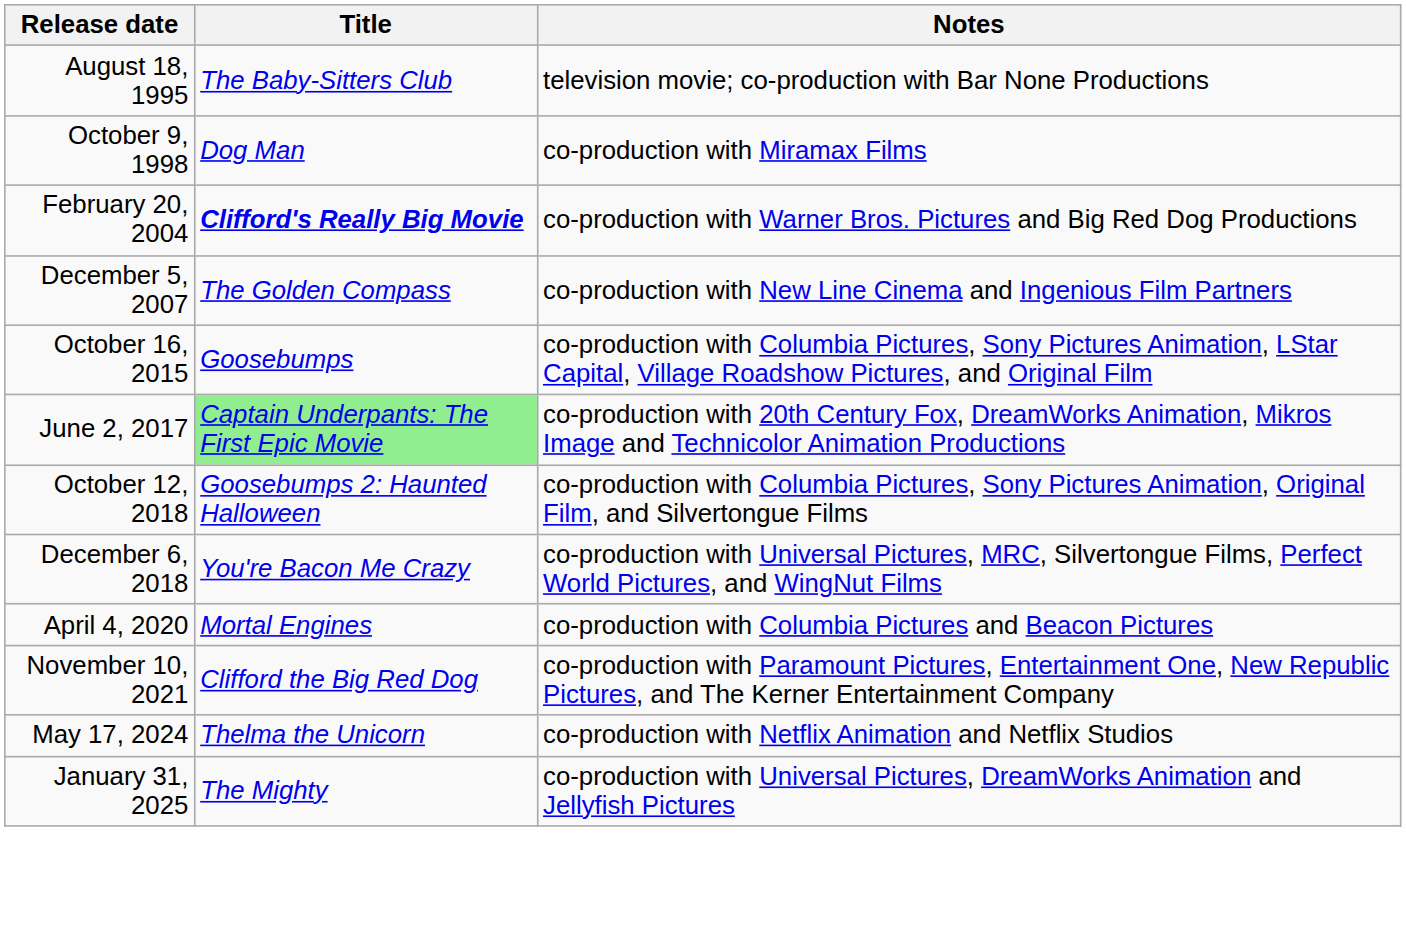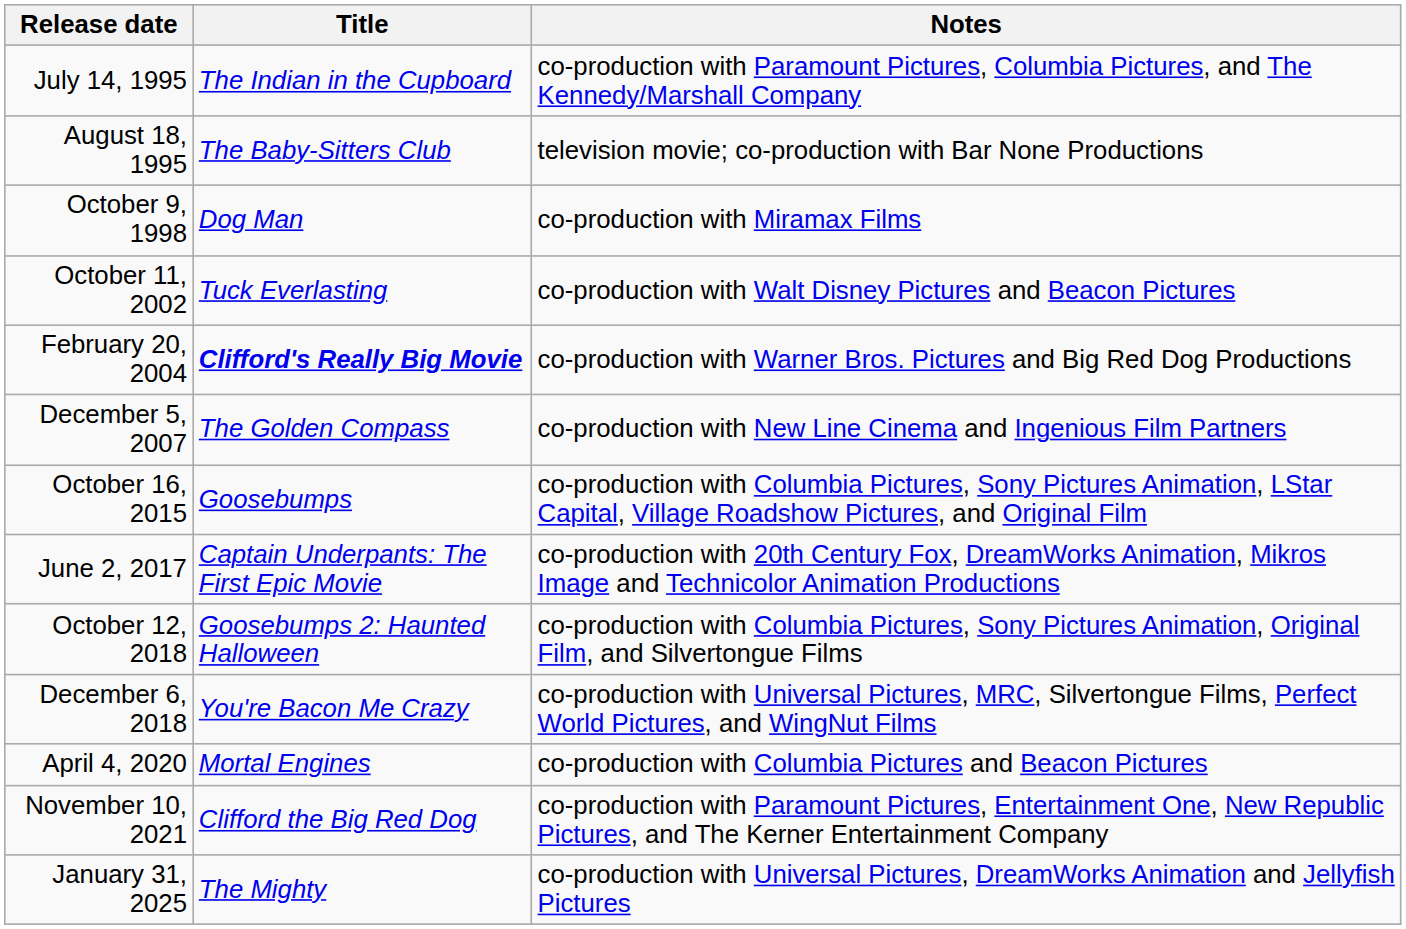 <table class="wikitable sortable">
 <tr>
 <th>Release date</th>
 <th>Title</th>
 <th>Notes</th>
+</tr>
+<tr>
+<td style="text-align:right;">July 14, 1995</td>
+<td><em><a href='#'>The Indian in the Cupboard</a></em></td>
+<td>co-production with <a href='#'>Paramount Pictures</a>, <a href='#'>Columbia Pictures</a>, and <a href='#'>The Kennedy/Marshall Company</a></td>
 </tr>
 <tr>
 <td style="text-align:right;">August 18, 1995</td>
 <td><em><a href='#'>The Baby-Sitters Club</a></em></td>
 <td>television movie; co-production with Bar None Productions</td>
 </tr>
 <tr>
 <td style="text-align:right;">October 9, 1998</td>
 <td><em><a href='#'>Dog Man</a></em></td>
 <td>co-production with <a href='#'>Miramax Films</a></td>
+</tr>
+<tr>
+<td style="text-align:right;">October 11, 2002</td>
+<td><em><a href='#'>Tuck Everlasting</a></em></td>
+<td>co-production with <a href='#'>Walt Disney Pictures</a> and <a href='#'>Beacon Pictures</a></td>
 </tr>
 <tr>
 <td style="text-align:right;">February 20, 2004</td>
 <td><strong><em><a href='#'>Clifford's Really Big Movie</a></em></strong></td>
 <td>co-production with <a href='#'>Warner Bros. Pictures</a> and Big Red Dog Productions</td>
 </tr>
 <tr>
 <td style="text-align:right;">December 5, 2007</td>
 <td><em><a href='#'>The Golden Compass</a></em></td>
 <td>co-production with <a href='#'>New Line Cinema</a> and <a href='#'>Ingenious Film Partners</a></td>
 </tr>
 <tr>
 <td style="text-align:right;">October 16, 2015</td>
 <td><em><a href='#'>Goosebumps</a></em></td>
 <td>co-production with <a href='#'>Columbia Pictures</a>, <a href='#'>Sony Pictures Animation</a>, <a href='#'>LStar Capital</a>, <a href='#'>Village Roadshow Pictures</a>, and <a href='#'>Original Film</a></td>
 </tr>
 <tr>
 <td style="text-align:right;">June 2, 2017</td>
-<td style="background: lightgreen;"><em><a href='#'>Captain Underpants: The First Epic Movie</a></em></td>
+<td><em><a href='#'>Captain Underpants: The First Epic Movie</a></em></td>
 <td>co-production with <a href='#'>20th Century Fox</a>, <a href='#'>DreamWorks Animation</a>, <a href='#'>Mikros Image</a> and <a href='#'>Technicolor Animation Productions</a></td>
 </tr>
 <tr>
 <td style="text-align:right;">October 12, 2018</td>
 <td><em><a href='#'>Goosebumps 2: Haunted Halloween</a></em></td>
 <td>co-production with <a href='#'>Columbia Pictures</a>, <a href='#'>Sony Pictures Animation</a>, <a href='#'>Original Film</a>, and Silvertongue Films</td>
 </tr>
 <tr>
 <td style="text-align:right;">December 6, 2018</td>
 <td><em><a href='#'>You're Bacon Me Crazy</a></em></td>
 <td>co-production with <a href='#'>Universal Pictures</a>, <a href='#'>MRC</a>, Silvertongue Films, <a href='#'>Perfect World Pictures</a>, and <a href='#'>WingNut Films</a></td>
 </tr>
 <tr>
 <td style="text-align:right;">April 4, 2020</td>
 <td><em><a href='#'>Mortal Engines</a></em></td>
 <td>co-production with <a href='#'>Columbia Pictures</a> and <a href='#'>Beacon Pictures</a></td>
 </tr>
 <tr>
 <td style="text-align:right;">November 10, 2021</td>
 <td><em><a href='#'>Clifford the Big Red Dog</a></em></td>
 <td>co-production with <a href='#'>Paramount Pictures</a>, <a href='#'>Entertainment One</a>, <a href='#'>New Republic Pictures</a>, and The Kerner Entertainment Company</td>
 </tr>
 <tr>
-<td style="text-align:right;">May 17, 2024</td>
-<td><em><a href='#'>Thelma the Unicorn</a></em></td>
-<td>co-production with <a href='#'>Netflix Animation</a> and Netflix Studios</td>
-</tr>
-<tr>
 <td style="text-align:right;">January 31, 2025</td>
 <td><em><a href='#'>The Mighty</a></em></td>
 <td>co-production with <a href='#'>Universal Pictures</a>, <a href='#'>DreamWorks Animation</a> and <a href='#'>Jellyfish Pictures</a></td>
 </tr>
 </table>
